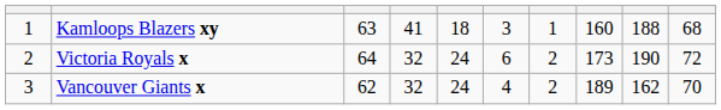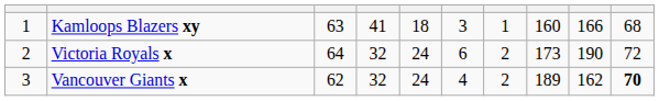 <table class="wikitable sortable">
 <tr>
 <th style="width:2em"></th>
 <th style="width:15em;" class="unsortable"></th>
 <th style="width:2em;"></th>
 <th style="width:2em;"></th>
 <th style="width:2em;"></th>
 <th style="width:2em;"></th>
 <th style="width:2em;"></th>
 <th style="width:2em;"></th>
 <th style="width:2em;"></th>
 <th style="width:2em;"></th>
 </tr>
 <tr style="text-align: center;">
 <td>1</td>
 <td style="text-align:left;"><a href='#'>Kamloops Blazers</a> <strong>xy</strong></td>
 <td>63</td>
 <td>41</td>
 <td>18</td>
 <td>3</td>
 <td>1</td>
 <td>160</td>
-<td>188</td>
+<td>166</td>
 <td>68</td>
 </tr>
 <tr style="text-align: center;">
 <td>2</td>
 <td style="text-align:left;"><a href='#'>Victoria Royals</a> <strong>x</strong></td>
 <td>64</td>
 <td>32</td>
 <td>24</td>
 <td>6</td>
 <td>2</td>
 <td>173</td>
 <td>190</td>
 <td>72</td>
 </tr>
 <tr style="font-weight: ; text-align: center;">
 <td>3</td>
 <td style="text-align:left;"><a href='#'>Vancouver Giants</a> <strong>x</strong></td>
 <td>62</td>
 <td>32</td>
 <td>24</td>
 <td>4</td>
 <td>2</td>
 <td>189</td>
 <td>162</td>
-<td>70</td>
+<td><strong>70</strong></td>
 </tr>
 </table>
